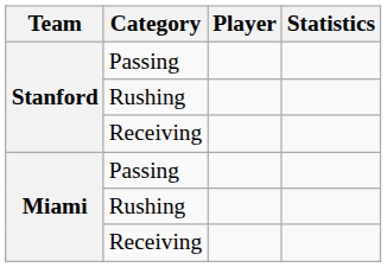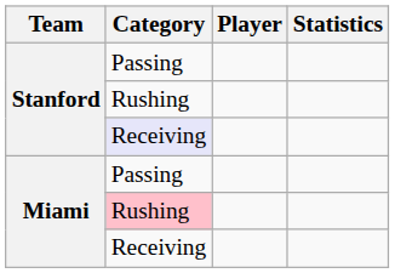 <table class="wikitable" style="float:right">
 <tr>
 <th>Team</th>
 <th>Category</th>
 <th>Player</th>
 <th>Statistics</th>
 </tr>
 <tr>
 <th rowspan=3>Stanford</th>
 <td>Passing</td>
 <td></td>
 <td></td>
 </tr>
 <tr>
 <td>Rushing</td>
 <td></td>
 <td></td>
 </tr>
 <tr>
-<td>Receiving</td>
+<td style="background: lavender;">Receiving</td>
 <td></td>
 <td></td>
 </tr>
 <tr>
 <th rowspan=3>Miami</th>
 <td>Passing</td>
 <td></td>
 <td></td>
 </tr>
 <tr>
-<td>Rushing</td>
+<td style="background: pink;">Rushing</td>
 <td></td>
 <td></td>
 </tr>
 <tr>
 <td>Receiving</td>
 <td></td>
 <td></td>
 </tr>
 </table>
